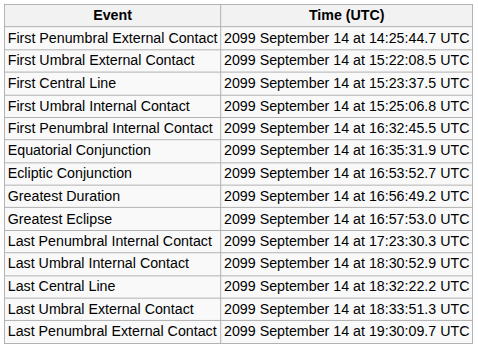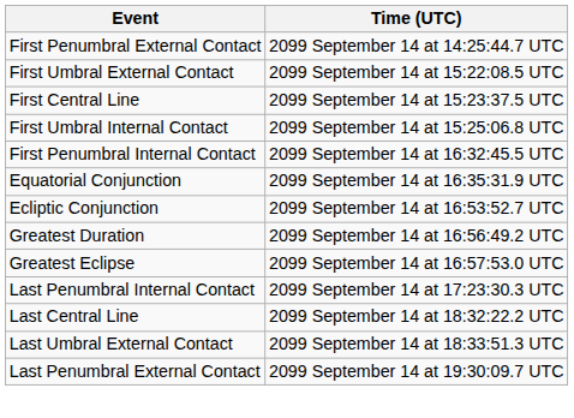 <table class="wikitable">
 <tr>
 <th>Event</th>
 <th>Time (UTC)</th>
 </tr>
 <tr>
 <td>First Penumbral External Contact</td>
 <td>2099 September 14 at 14:25:44.7 UTC</td>
 </tr>
 <tr>
 <td>First Umbral External Contact</td>
 <td>2099 September 14 at 15:22:08.5 UTC</td>
 </tr>
 <tr>
 <td>First Central Line</td>
 <td>2099 September 14 at 15:23:37.5 UTC</td>
 </tr>
 <tr>
 <td>First Umbral Internal Contact</td>
 <td>2099 September 14 at 15:25:06.8 UTC</td>
 </tr>
 <tr>
 <td>First Penumbral Internal Contact</td>
 <td>2099 September 14 at 16:32:45.5 UTC</td>
 </tr>
 <tr>
 <td>Equatorial Conjunction</td>
 <td>2099 September 14 at 16:35:31.9 UTC</td>
 </tr>
 <tr>
 <td>Ecliptic Conjunction</td>
 <td>2099 September 14 at 16:53:52.7 UTC</td>
 </tr>
 <tr>
 <td>Greatest Duration</td>
 <td>2099 September 14 at 16:56:49.2 UTC</td>
 </tr>
 <tr>
 <td>Greatest Eclipse</td>
 <td>2099 September 14 at 16:57:53.0 UTC</td>
 </tr>
 <tr>
 <td>Last Penumbral Internal Contact</td>
 <td>2099 September 14 at 17:23:30.3 UTC</td>
 </tr>
 <tr>
-<td>Last Umbral Internal Contact</td>
-<td>2099 September 14 at 18:30:52.9 UTC</td>
-</tr>
-<tr>
 <td>Last Central Line</td>
 <td>2099 September 14 at 18:32:22.2 UTC</td>
 </tr>
 <tr>
 <td>Last Umbral External Contact</td>
 <td>2099 September 14 at 18:33:51.3 UTC</td>
 </tr>
 <tr>
 <td>Last Penumbral External Contact</td>
 <td>2099 September 14 at 19:30:09.7 UTC</td>
 </tr>
 </table>
